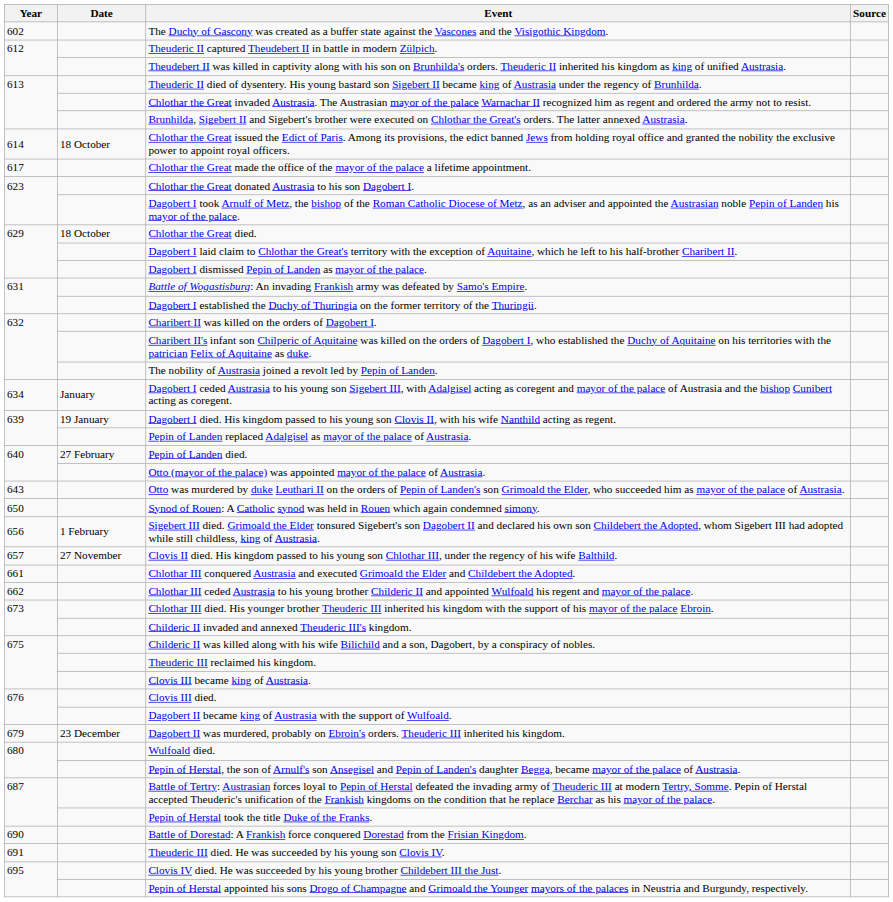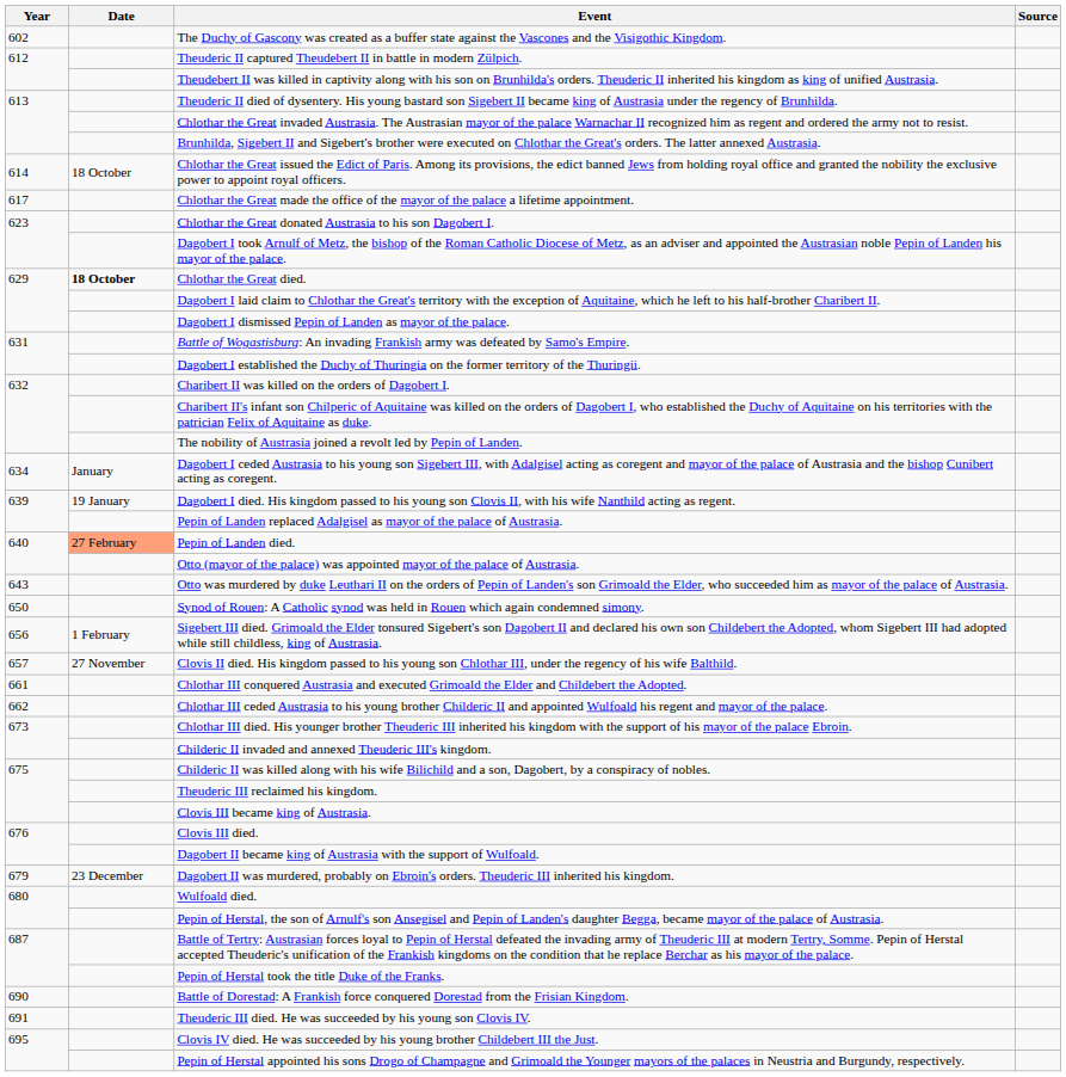 <table class="wikitable" width="100%">
 <tr>
 <th style="width:6%">Year</th>
 <th style="width:10%">Date</th>
 <th>Event</th>
 <th>Source</th>
 </tr>
 <tr>
 <td>602</td>
 <td></td>
 <td>The <a href='#'>Duchy of Gascony</a> was created as a buffer state against the <a href='#'>Vascones</a> and the <a href='#'>Visigothic Kingdom</a>.</td>
 <td></td>
 </tr>
 <tr>
 <td rowspan="2" valign="top">612</td>
 <td></td>
 <td><a href='#'>Theuderic II</a> captured <a href='#'>Theudebert II</a> in battle in modern <a href='#'>Zülpich</a>.</td>
 <td></td>
 </tr>
 <tr>
 <td></td>
 <td><a href='#'>Theudebert II</a> was killed in captivity along with his son on <a href='#'>Brunhilda's</a> orders. <a href='#'>Theuderic II</a> inherited his kingdom as <a href='#'>king</a> of unified <a href='#'>Austrasia</a>.</td>
 <td></td>
 </tr>
 <tr>
 <td rowspan="3" valign="top">613</td>
 <td></td>
 <td><a href='#'>Theuderic II</a> died of dysentery.  His young bastard son <a href='#'>Sigebert II</a> became <a href='#'>king</a> of <a href='#'>Austrasia</a> under the regency of <a href='#'>Brunhilda</a>.</td>
 <td></td>
 </tr>
 <tr>
 <td></td>
 <td><a href='#'>Chlothar the Great</a> invaded <a href='#'>Austrasia</a>.  The Austrasian <a href='#'>mayor of the palace</a> <a href='#'>Warnachar II</a> recognized him as regent and ordered the army not to resist.</td>
 <td></td>
 </tr>
 <tr>
 <td></td>
 <td><a href='#'>Brunhilda</a>, <a href='#'>Sigebert II</a> and Sigebert's brother were executed on <a href='#'>Chlothar the Great's</a> orders.  The latter annexed <a href='#'>Austrasia</a>.</td>
 <td></td>
 </tr>
 <tr>
 <td>614</td>
 <td>18 October</td>
 <td><a href='#'>Chlothar the Great</a> issued the <a href='#'>Edict of Paris</a>.  Among its provisions, the edict banned <a href='#'>Jews</a> from holding royal office and granted the nobility the exclusive power to appoint royal officers.</td>
 <td></td>
 </tr>
 <tr>
 <td>617</td>
 <td></td>
 <td><a href='#'>Chlothar the Great</a> made the office of the <a href='#'>mayor of the palace</a> a lifetime appointment.</td>
 <td></td>
 </tr>
 <tr>
 <td rowspan="2" valign="top">623</td>
 <td></td>
 <td><a href='#'>Chlothar the Great</a> donated <a href='#'>Austrasia</a> to his son <a href='#'>Dagobert I</a>.</td>
 <td></td>
 </tr>
 <tr>
 <td></td>
 <td><a href='#'>Dagobert I</a> took <a href='#'>Arnulf of Metz</a>, the <a href='#'>bishop</a> of the <a href='#'>Roman Catholic Diocese of Metz</a>, as an adviser and appointed the <a href='#'>Austrasian</a> noble <a href='#'>Pepin of Landen</a> his <a href='#'>mayor of the palace</a>.</td>
 <td></td>
 </tr>
 <tr>
 <td rowspan="3" valign="top">629</td>
-<td>18 October</td>
+<td><strong>18 October</strong></td>
 <td><a href='#'>Chlothar the Great</a> died.</td>
 <td></td>
 </tr>
 <tr>
 <td></td>
 <td><a href='#'>Dagobert I</a> laid claim to <a href='#'>Chlothar the Great's</a> territory with the exception of <a href='#'>Aquitaine</a>, which he left to his half-brother <a href='#'>Charibert II</a>.</td>
 <td></td>
 </tr>
 <tr>
 <td></td>
 <td><a href='#'>Dagobert I</a> dismissed <a href='#'>Pepin of Landen</a> as <a href='#'>mayor of the palace</a>.</td>
 <td></td>
 </tr>
 <tr>
 <td rowspan="2" valign="top">631</td>
 <td></td>
 <td><em><a href='#'>Battle of Wogastisburg</a></em>: An invading <a href='#'>Frankish</a> army was defeated by <a href='#'>Samo's Empire</a>.</td>
 <td></td>
 </tr>
 <tr>
 <td></td>
 <td><a href='#'>Dagobert I</a> established the <a href='#'>Duchy of Thuringia</a> on the former territory of the <a href='#'>Thuringii</a>.</td>
 <td></td>
 </tr>
 <tr>
 <td rowspan="3" valign="top">632</td>
 <td></td>
 <td><a href='#'>Charibert II</a> was killed on the orders of <a href='#'>Dagobert I</a>.</td>
 <td></td>
 </tr>
 <tr>
 <td></td>
 <td><a href='#'>Charibert II's</a> infant son <a href='#'>Chilperic of Aquitaine</a> was killed on the orders of <a href='#'>Dagobert I</a>, who established the <a href='#'>Duchy of Aquitaine</a> on his territories with the <a href='#'>patrician</a> <a href='#'>Felix of Aquitaine</a> as <a href='#'>duke</a>.</td>
 <td></td>
 </tr>
 <tr>
 <td></td>
 <td>The nobility of <a href='#'>Austrasia</a> joined a revolt led by <a href='#'>Pepin of Landen</a>.</td>
 <td></td>
 </tr>
 <tr>
 <td>634</td>
 <td>January</td>
 <td><a href='#'>Dagobert I</a> ceded <a href='#'>Austrasia</a> to his young son <a href='#'>Sigebert III</a>, with <a href='#'>Adalgisel</a> acting as coregent and <a href='#'>mayor of the palace</a> of Austrasia and the <a href='#'>bishop</a> <a href='#'>Cunibert</a> acting as coregent.</td>
 <td></td>
 </tr>
 <tr>
 <td rowspan="2" valign="top">639</td>
 <td>19 January</td>
 <td><a href='#'>Dagobert I</a> died.  His kingdom passed to his young son <a href='#'>Clovis II</a>, with his wife <a href='#'>Nanthild</a> acting as regent.</td>
 <td></td>
 </tr>
 <tr>
 <td></td>
 <td><a href='#'>Pepin of Landen</a> replaced <a href='#'>Adalgisel</a> as <a href='#'>mayor of the palace</a> of <a href='#'>Austrasia</a>.</td>
 <td></td>
 </tr>
 <tr>
 <td rowspan="2" valign="top">640</td>
-<td>27 February</td>
+<td style="background: lightsalmon;">27 February</td>
 <td><a href='#'>Pepin of Landen</a> died.</td>
 <td></td>
 </tr>
 <tr>
 <td></td>
 <td><a href='#'>Otto (mayor of the palace)</a> was appointed <a href='#'>mayor of the palace</a> of <a href='#'>Austrasia</a>.</td>
 <td></td>
 </tr>
 <tr>
 <td>643</td>
 <td></td>
 <td><a href='#'>Otto</a> was murdered by <a href='#'>duke</a> <a href='#'>Leuthari II</a> on the orders of <a href='#'>Pepin of Landen's</a> son <a href='#'>Grimoald the Elder</a>, who succeeded him as <a href='#'>mayor of the palace</a> of <a href='#'>Austrasia</a>.</td>
 <td></td>
 </tr>
 <tr>
 <td>650</td>
 <td></td>
 <td><a href='#'>Synod of Rouen</a>: A <a href='#'>Catholic</a> <a href='#'>synod</a> was held in <a href='#'>Rouen</a> which again condemned <a href='#'>simony</a>.</td>
 <td></td>
 </tr>
 <tr>
 <td>656</td>
 <td>1 February</td>
 <td><a href='#'>Sigebert III</a> died. <a href='#'>Grimoald the Elder</a> tonsured Sigebert's son <a href='#'>Dagobert II</a> and declared his own son <a href='#'>Childebert the Adopted</a>, whom Sigebert III had adopted while still childless, <a href='#'>king</a> of <a href='#'>Austrasia</a>.</td>
 <td></td>
 </tr>
 <tr>
 <td>657</td>
 <td>27 November</td>
 <td><a href='#'>Clovis II</a> died.  His kingdom passed to his young son <a href='#'>Chlothar III</a>, under the regency of his wife <a href='#'>Balthild</a>.</td>
 <td></td>
 </tr>
 <tr>
 <td>661</td>
 <td></td>
 <td><a href='#'>Chlothar III</a> conquered <a href='#'>Austrasia</a> and executed <a href='#'>Grimoald the Elder</a> and <a href='#'>Childebert the Adopted</a>.</td>
 <td></td>
 </tr>
 <tr>
 <td>662</td>
 <td></td>
 <td><a href='#'>Chlothar III</a> ceded <a href='#'>Austrasia</a> to his young brother <a href='#'>Childeric II</a> and appointed <a href='#'>Wulfoald</a> his regent and <a href='#'>mayor of the palace</a>.</td>
 <td></td>
 </tr>
 <tr>
 <td rowspan="2" valign="top">673</td>
 <td></td>
 <td><a href='#'>Chlothar III</a> died.  His younger brother <a href='#'>Theuderic III</a> inherited his kingdom with the support of his <a href='#'>mayor of the palace</a> <a href='#'>Ebroin</a>.</td>
 <td></td>
 </tr>
 <tr>
 <td></td>
 <td><a href='#'>Childeric II</a> invaded and annexed <a href='#'>Theuderic III's</a> kingdom.</td>
 <td></td>
 </tr>
 <tr>
 <td rowspan="3" valign="top">675</td>
 <td></td>
 <td><a href='#'>Childeric II</a> was killed along with his wife <a href='#'>Bilichild</a> and a son, Dagobert, by a conspiracy of nobles.</td>
 <td></td>
 </tr>
 <tr>
 <td></td>
 <td><a href='#'>Theuderic III</a> reclaimed his kingdom.</td>
 <td></td>
 </tr>
 <tr>
 <td></td>
 <td><a href='#'>Clovis III</a> became <a href='#'>king</a> of <a href='#'>Austrasia</a>.</td>
 <td></td>
 </tr>
 <tr>
 <td rowspan="2" valign="top">676</td>
 <td></td>
 <td><a href='#'>Clovis III</a> died.</td>
 <td></td>
 </tr>
 <tr>
 <td></td>
 <td><a href='#'>Dagobert II</a> became <a href='#'>king</a> of <a href='#'>Austrasia</a> with the support of <a href='#'>Wulfoald</a>.</td>
 <td></td>
 </tr>
 <tr>
 <td>679</td>
 <td>23 December</td>
 <td><a href='#'>Dagobert II</a> was murdered, probably on <a href='#'>Ebroin's</a> orders. <a href='#'>Theuderic III</a> inherited his kingdom.</td>
 <td></td>
 </tr>
 <tr>
 <td rowspan="2" valign="top">680</td>
 <td></td>
 <td><a href='#'>Wulfoald</a> died.</td>
 <td></td>
 </tr>
 <tr>
 <td></td>
 <td><a href='#'>Pepin of Herstal</a>, the son of <a href='#'>Arnulf's</a> son <a href='#'>Ansegisel</a> and <a href='#'>Pepin of Landen's</a> daughter <a href='#'>Begga</a>, became <a href='#'>mayor of the palace</a> of <a href='#'>Austrasia</a>.</td>
 <td></td>
 </tr>
 <tr>
 <td rowspan="2" valign="top">687</td>
 <td></td>
 <td><a href='#'>Battle of Tertry</a>: <a href='#'>Austrasian</a> forces loyal to <a href='#'>Pepin of Herstal</a> defeated the invading army of <a href='#'>Theuderic III</a> at modern <a href='#'>Tertry, Somme</a>.  Pepin of Herstal accepted Theuderic's unification of the <a href='#'>Frankish</a> kingdoms on the condition that he replace <a href='#'>Berchar</a> as his <a href='#'>mayor of the palace</a>.</td>
 <td></td>
 </tr>
 <tr>
 <td></td>
 <td><a href='#'>Pepin of Herstal</a> took the title <a href='#'>Duke of the Franks</a>.</td>
 <td></td>
 </tr>
 <tr>
 <td>690</td>
 <td></td>
 <td><a href='#'>Battle of Dorestad</a>: A <a href='#'>Frankish</a> force conquered <a href='#'>Dorestad</a> from the <a href='#'>Frisian Kingdom</a>.</td>
 <td></td>
 </tr>
 <tr>
 <td>691</td>
 <td></td>
 <td><a href='#'>Theuderic III</a> died.  He was succeeded by his young son <a href='#'>Clovis IV</a>.</td>
 <td></td>
 </tr>
 <tr>
 <td rowspan="2" valign="top">695</td>
 <td></td>
 <td><a href='#'>Clovis IV</a> died.  He was succeeded by his young brother <a href='#'>Childebert III the Just</a>.</td>
 <td></td>
 </tr>
 <tr>
 <td></td>
 <td><a href='#'>Pepin of Herstal</a> appointed his sons <a href='#'>Drogo of Champagne</a> and <a href='#'>Grimoald the Younger</a> <a href='#'>mayors of the palaces</a> in Neustria and Burgundy, respectively.</td>
 <td></td>
 </tr>
 </table>
